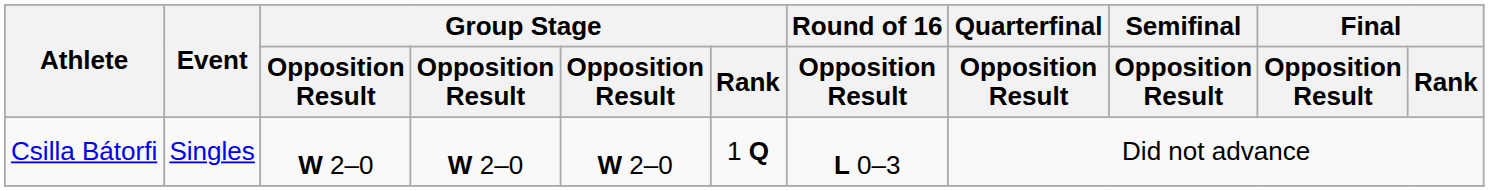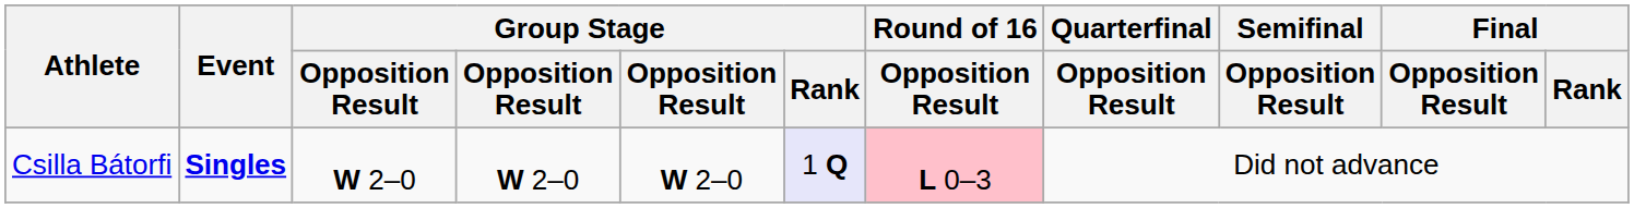 <table class=wikitable style="font-size:90%">
 <tr>
 <th rowspan="2">Athlete</th>
 <th rowspan="2">Event</th>
 <th colspan="4">Group Stage</th>
 <th>Round of 16</th>
 <th>Quarterfinal</th>
 <th>Semifinal</th>
 <th colspan=2>Final</th>
 </tr>
 <tr>
 <th>Opposition<br>Result</th>
 <th>Opposition<br>Result</th>
 <th>Opposition<br>Result</th>
 <th>Rank</th>
 <th>Opposition<br>Result</th>
 <th>Opposition<br>Result</th>
 <th>Opposition<br>Result</th>
 <th>Opposition<br>Result</th>
 <th>Rank</th>
 </tr>
 <tr align=center>
 <td align=left><a href='#'>Csilla Bátorfi</a></td>
-<td align=left><a href='#'>Singles</a></td>
+<td align=left><strong><a href='#'>Singles</a></strong></td>
 <td><br><strong>W</strong> 2–0</td>
 <td><br><strong>W</strong> 2–0</td>
 <td><br><strong>W</strong> 2–0</td>
-<td>1 <strong>Q</strong></td>
-<td><br><strong>L</strong> 0–3</td>
+<td style="background: lavender;">1 <strong>Q</strong></td>
+<td style="background: pink;"><br><strong>L</strong> 0–3</td>
 <td colspan=4>Did not advance</td>
 </tr>
 </table>
